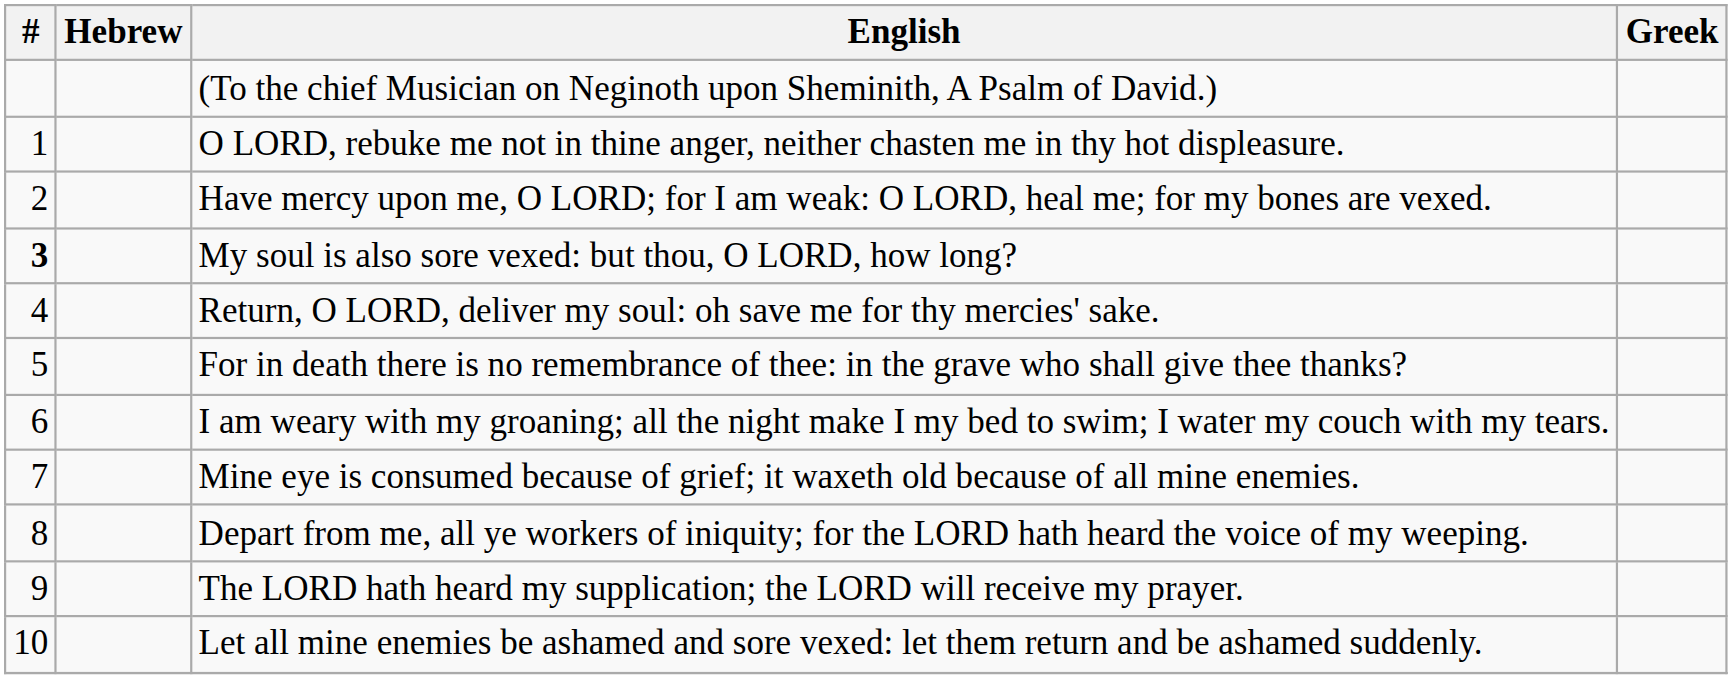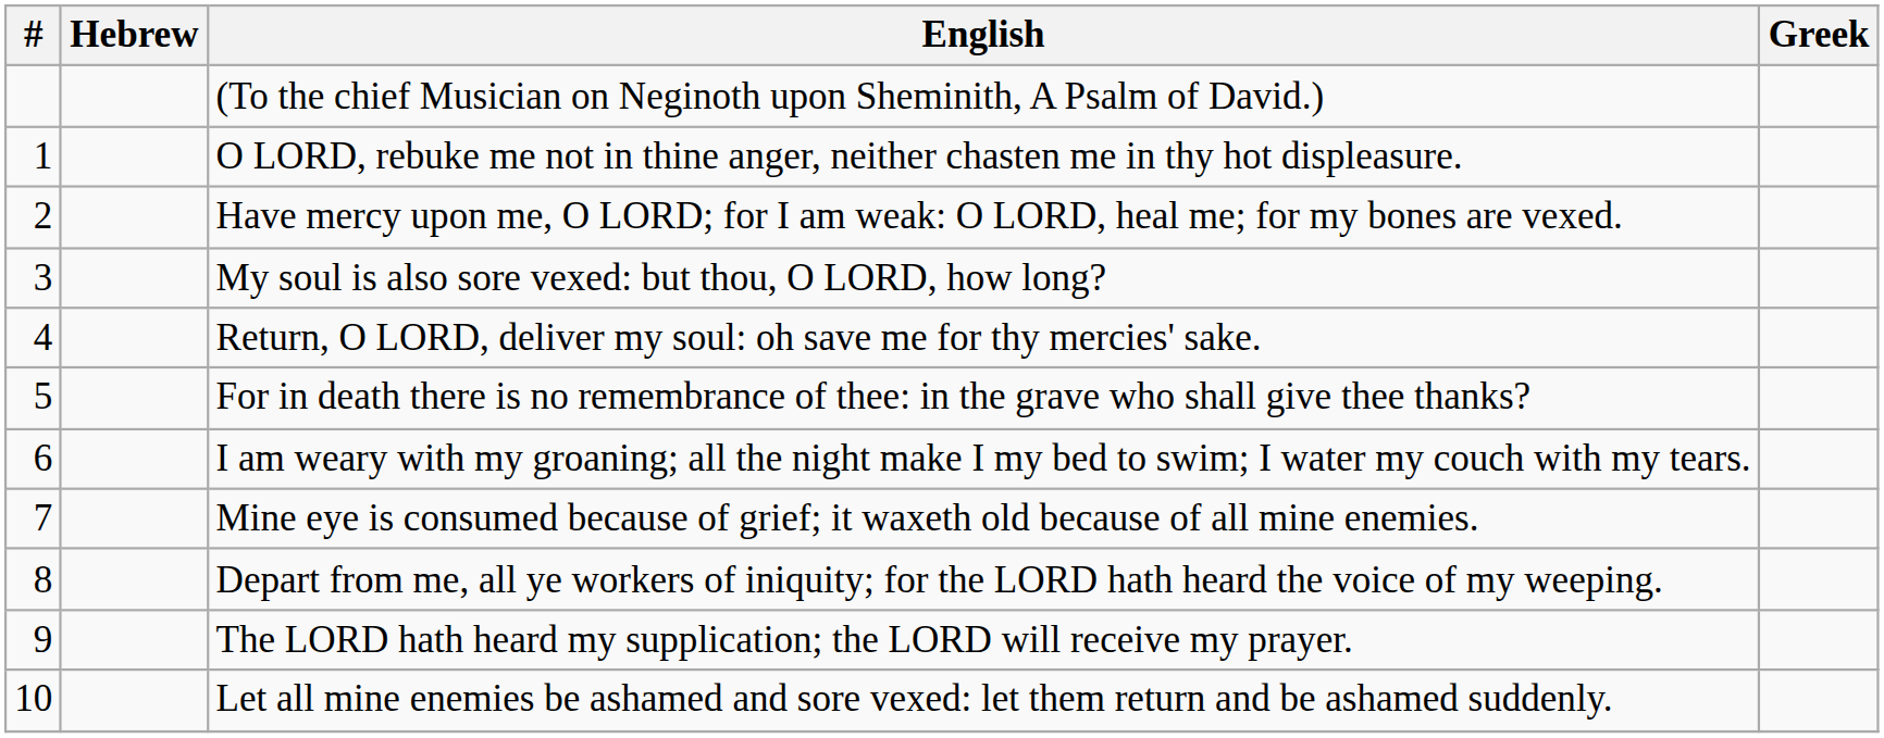 <table class=wikitable>
 <tr>
 <th>#</th>
 <th>Hebrew</th>
 <th>English</th>
 <th>Greek</th>
 </tr>
 <tr>
 <td style="text-align:right"></td>
 <td style="text-align:right"></td>
 <td>(To the chief Musician on Neginoth upon Sheminith, A Psalm of David.)</td>
 <td></td>
 </tr>
 <tr>
 <td style="text-align:right">1</td>
 <td style="text-align:right"></td>
 <td>O LORD, rebuke me not in thine anger, neither chasten me in thy hot displeasure.</td>
 <td></td>
 </tr>
 <tr>
 <td style="text-align:right">2</td>
 <td style="text-align:right"></td>
 <td>Have mercy upon me, O LORD; for I am weak: O LORD, heal me; for my bones are vexed.</td>
 <td></td>
 </tr>
 <tr>
-<td style="text-align:right"><strong>3</strong></td>
+<td style="text-align:right">3</td>
 <td style="text-align:right"></td>
 <td>My soul is also sore vexed: but thou, O LORD, how long?</td>
 <td></td>
 </tr>
 <tr>
 <td style="text-align:right">4</td>
 <td style="text-align:right"></td>
 <td>Return, O LORD, deliver my soul: oh save me for thy mercies' sake.</td>
 <td></td>
 </tr>
 <tr>
 <td style="text-align:right">5</td>
 <td style="text-align:right"></td>
 <td>For in death there is no remembrance of thee: in the grave who shall give thee thanks?</td>
 <td></td>
 </tr>
 <tr>
 <td style="text-align:right">6</td>
 <td style="text-align:right"></td>
 <td>I am weary with my groaning; all the night make I my bed to swim; I water my couch with my tears.</td>
 <td></td>
 </tr>
 <tr>
 <td style="text-align:right">7</td>
 <td style="text-align:right"></td>
 <td>Mine eye is consumed because of grief; it waxeth old because of all mine enemies.</td>
 <td></td>
 </tr>
 <tr>
 <td style="text-align:right">8</td>
 <td style="text-align:right"></td>
 <td>Depart from me, all ye workers of iniquity; for the LORD hath heard the voice of my weeping.</td>
 <td></td>
 </tr>
 <tr>
 <td style="text-align:right">9</td>
 <td style="text-align:right"></td>
 <td>The LORD hath heard my supplication; the LORD will receive my prayer.</td>
 <td></td>
 </tr>
 <tr>
 <td style="text-align:right">10</td>
 <td style="text-align:right"></td>
 <td>Let all mine enemies be ashamed and sore vexed: let them return and be ashamed suddenly.</td>
 <td></td>
 </tr>
 <tr>
 </tr>
 </table>
